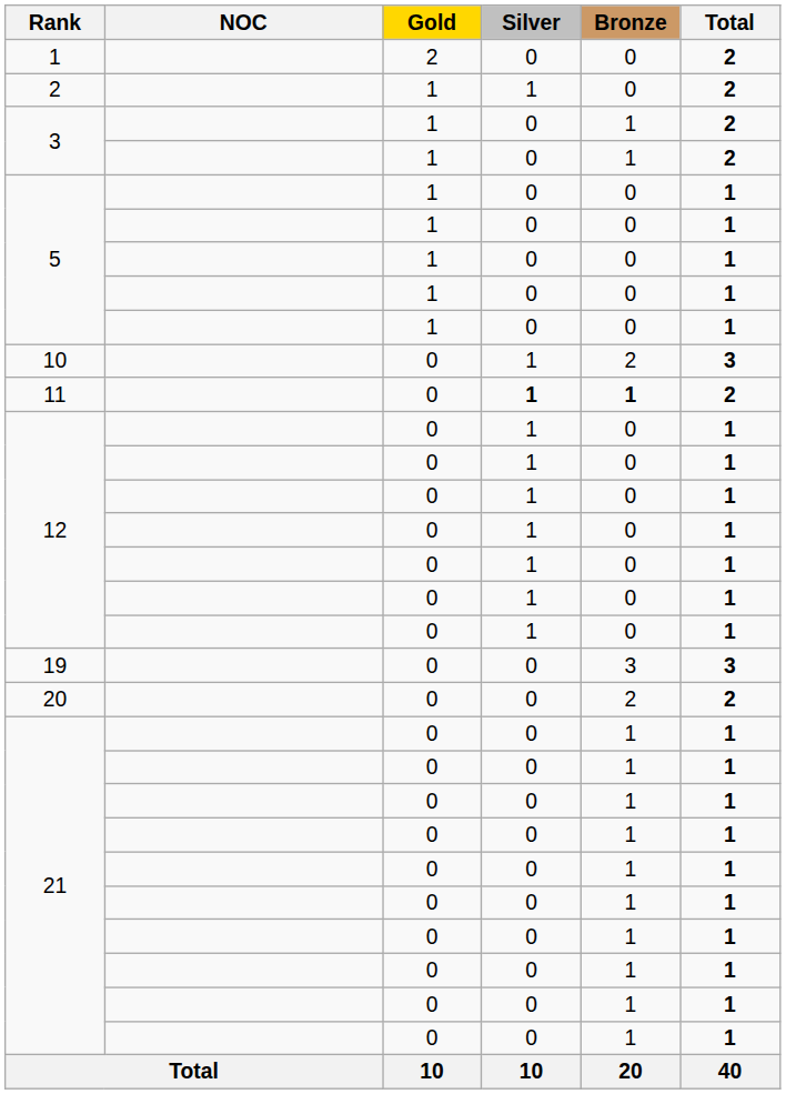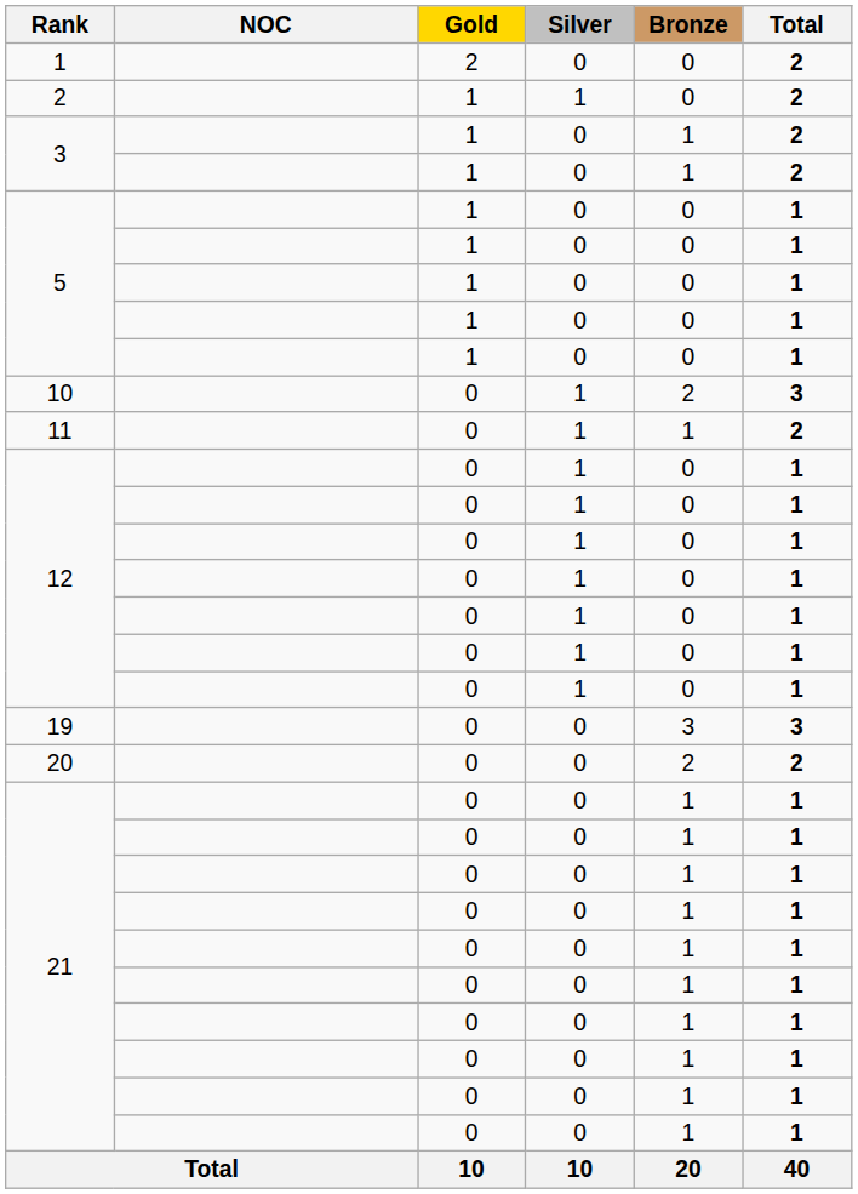 <table class="wikitable sortable" style="text-align:center; font-size:90%">
 <tr>
 <th width=60>Rank</th>
 <th width=180>NOC</th>
 <th width=60 style="background-color:gold">Gold</th>
 <th width=60 style="background-color:silver">Silver</th>
 <th width=60 style="background-color:#cc9966">Bronze</th>
 <th width=60>Total</th>
 </tr>
 <tr>
 <td>1</td>
 <td style="text-align:left;"></td>
 <td>2</td>
 <td>0</td>
 <td>0</td>
 <td><strong>2</strong></td>
 </tr>
 <tr>
 <td>2</td>
 <td style="text-align:left;"></td>
 <td>1</td>
 <td>1</td>
 <td>0</td>
 <td><strong>2</strong></td>
 </tr>
 <tr>
 <td rowspan="2">3</td>
 <td style="text-align:left;"></td>
 <td>1</td>
 <td>0</td>
 <td>1</td>
 <td><strong>2</strong></td>
 </tr>
 <tr>
 <td style="text-align:left;"></td>
 <td>1</td>
 <td>0</td>
 <td>1</td>
 <td><strong>2</strong></td>
 </tr>
 <tr>
 <td rowspan="5">5</td>
 <td style="text-align:left;"></td>
 <td>1</td>
 <td>0</td>
 <td>0</td>
 <td><strong>1</strong></td>
 </tr>
 <tr>
 <td style="text-align:left;"></td>
 <td>1</td>
 <td>0</td>
 <td>0</td>
 <td><strong>1</strong></td>
 </tr>
 <tr>
 <td style="text-align:left;"></td>
 <td>1</td>
 <td>0</td>
 <td>0</td>
 <td><strong>1</strong></td>
 </tr>
 <tr>
 <td style="text-align:left;"></td>
 <td>1</td>
 <td>0</td>
 <td>0</td>
 <td><strong>1</strong></td>
 </tr>
 <tr>
 <td style="text-align:left;"></td>
 <td>1</td>
 <td>0</td>
 <td>0</td>
 <td><strong>1</strong></td>
 </tr>
 <tr>
 <td>10</td>
 <td style="text-align:left;"></td>
 <td>0</td>
 <td>1</td>
 <td>2</td>
 <td><strong>3</strong></td>
 </tr>
 <tr>
 <td>11</td>
 <td style="text-align:left;"></td>
 <td>0</td>
-<td><strong>1</strong></td>
-<td><strong>1</strong></td>
+<td>1</td>
+<td>1</td>
 <td><strong>2</strong></td>
 </tr>
 <tr>
 <td rowspan="7">12</td>
 <td style="text-align:left;"></td>
 <td>0</td>
 <td>1</td>
 <td>0</td>
 <td><strong>1</strong></td>
 </tr>
 <tr>
 <td style="text-align:left;"></td>
 <td>0</td>
 <td>1</td>
 <td>0</td>
 <td><strong>1</strong></td>
 </tr>
 <tr>
 <td style="text-align:left;"></td>
 <td>0</td>
 <td>1</td>
 <td>0</td>
 <td><strong>1</strong></td>
 </tr>
 <tr>
 <td style="text-align:left;"></td>
 <td>0</td>
 <td>1</td>
 <td>0</td>
 <td><strong>1</strong></td>
 </tr>
 <tr>
 <td style="text-align:left;"></td>
 <td>0</td>
 <td>1</td>
 <td>0</td>
 <td><strong>1</strong></td>
 </tr>
 <tr>
 <td style="text-align:left;"></td>
 <td>0</td>
 <td>1</td>
 <td>0</td>
 <td><strong>1</strong></td>
 </tr>
 <tr>
 <td style="text-align:left;"></td>
 <td>0</td>
 <td>1</td>
 <td>0</td>
 <td><strong>1</strong></td>
 </tr>
 <tr>
 <td>19</td>
 <td style="text-align:left;"></td>
 <td>0</td>
 <td>0</td>
 <td>3</td>
 <td><strong>3</strong></td>
 </tr>
 <tr>
 <td>20</td>
 <td style="text-align:left;"></td>
 <td>0</td>
 <td>0</td>
 <td>2</td>
 <td><strong>2</strong></td>
 </tr>
 <tr>
 <td rowspan="10">21</td>
 <td style="text-align:left;"></td>
 <td>0</td>
 <td>0</td>
 <td>1</td>
 <td><strong>1</strong></td>
 </tr>
 <tr>
 <td style="text-align:left;"></td>
 <td>0</td>
 <td>0</td>
 <td>1</td>
 <td><strong>1</strong></td>
 </tr>
 <tr>
 <td style="text-align:left;"></td>
 <td>0</td>
 <td>0</td>
 <td>1</td>
 <td><strong>1</strong></td>
 </tr>
 <tr>
 <td style="text-align:left;"></td>
 <td>0</td>
 <td>0</td>
 <td>1</td>
 <td><strong>1</strong></td>
 </tr>
 <tr>
 <td style="text-align:left;"></td>
 <td>0</td>
 <td>0</td>
 <td>1</td>
 <td><strong>1</strong></td>
 </tr>
 <tr>
 <td style="text-align:left;"></td>
 <td>0</td>
 <td>0</td>
 <td>1</td>
 <td><strong>1</strong></td>
 </tr>
 <tr>
 <td style="text-align:left;"></td>
 <td>0</td>
 <td>0</td>
 <td>1</td>
 <td><strong>1</strong></td>
 </tr>
 <tr>
 <td style="text-align:left;"></td>
 <td>0</td>
 <td>0</td>
 <td>1</td>
 <td><strong>1</strong></td>
 </tr>
 <tr>
 <td style="text-align:left;"></td>
 <td>0</td>
 <td>0</td>
 <td>1</td>
 <td><strong>1</strong></td>
 </tr>
 <tr>
 <td style="text-align:left;"></td>
 <td>0</td>
 <td>0</td>
 <td>1</td>
 <td><strong>1</strong></td>
 </tr>
 <tr>
 <th colspan="2">Total</th>
 <th>10</th>
 <th>10</th>
 <th>20</th>
 <th>40</th>
 </tr>
 </table>
